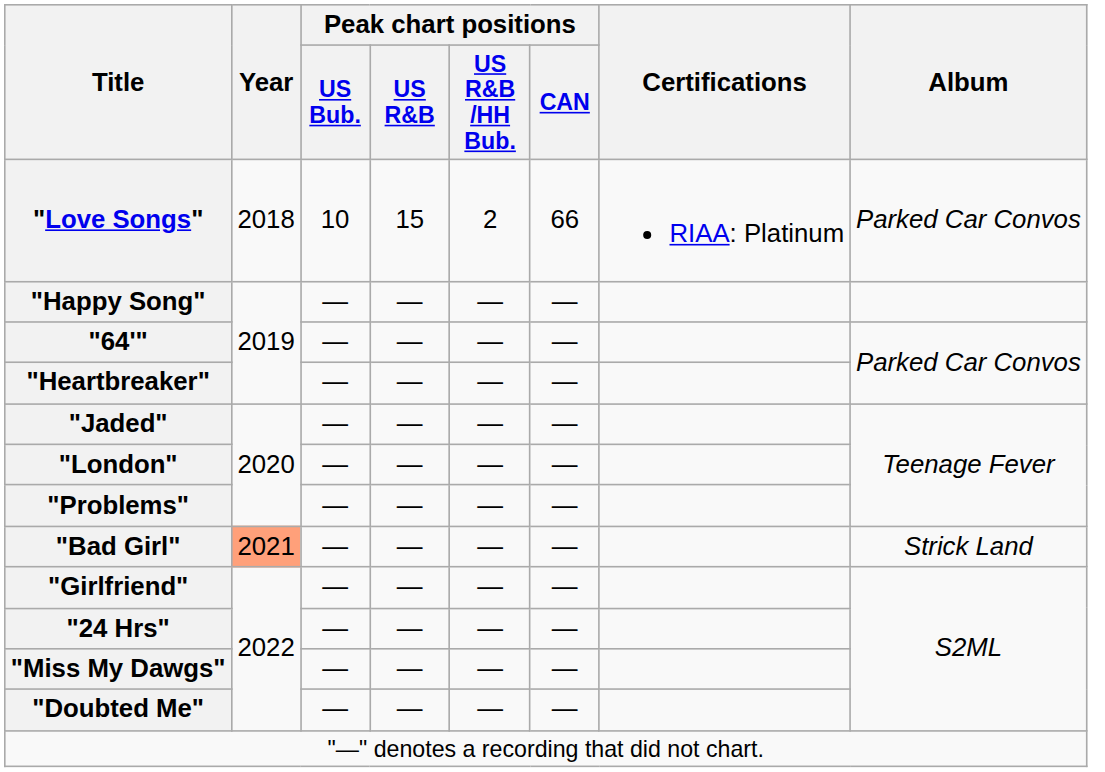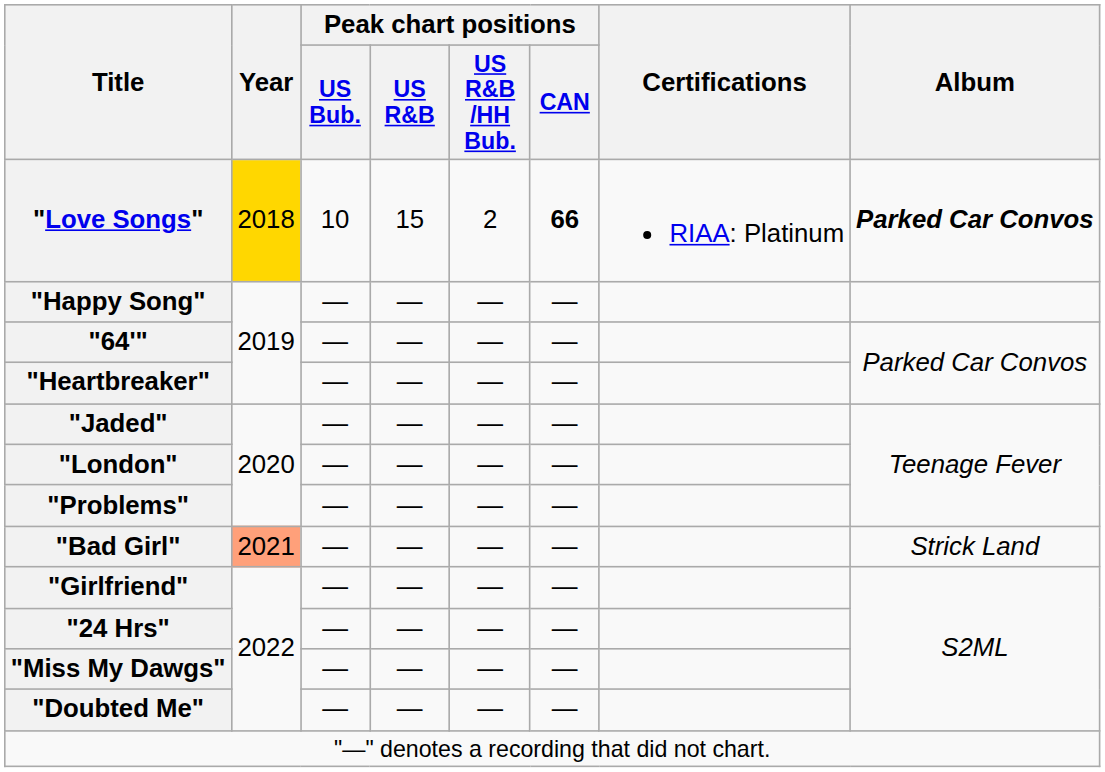 <table class="wikitable plainrowheaders" style="text-align:center;">
 <tr>
 <th scope="col" rowspan="2">Title</th>
 <th scope="col" rowspan="2">Year</th>
 <th scope="col" colspan="4">Peak chart positions</th>
 <th scope="col" rowspan="2">Certifications</th>
 <th scope="col" rowspan="2">Album</th>
 </tr>
 <tr>
 <th scope="col" style="width:2.5em;font-size:90%;"><a href='#'>US<br>Bub.</a><br></th>
 <th scope="col" style="width:3em;font-size:90%;"><a href='#'>US<br>R&B</a><br></th>
 <th scope="col" style="width:3em;font-size:90%;"><a href='#'>US<br>R&B<br>/HH<br>Bub.</a><br></th>
 <th scope="col" style="width:2.5em;font-size:90%;"><a href='#'>CAN</a><br></th>
 </tr>
 <tr>
 <th scope="row">"<a href='#'>Love Songs</a>"<br></th>
-<td>2018</td>
+<td style="background: gold;">2018</td>
 <td>10</td>
 <td>15</td>
 <td>2</td>
-<td>66</td>
+<td><strong>66</strong></td>
 <td><br><ul><li><a href='#'>RIAA</a>: Platinum</li></ul></td>
-<td><em>Parked Car Convos</em></td>
+<td><strong><em>Parked Car Convos</em></strong></td>
 </tr>
 <tr>
 <th scope="row">"Happy Song"</th>
 <td rowspan="3">2019</td>
 <td>—</td>
 <td>—</td>
 <td>—</td>
 <td>—</td>
 <td></td>
 <td></td>
 </tr>
 <tr>
 <th scope="row">"64'"</th>
 <td>—</td>
 <td>—</td>
 <td>—</td>
 <td>—</td>
 <td></td>
 <td rowspan="2"><em>Parked Car Convos</em></td>
 </tr>
 <tr>
 <th scope="row">"Heartbreaker"</th>
 <td>—</td>
 <td>—</td>
 <td>—</td>
 <td>—</td>
 <td></td>
 </tr>
 <tr>
 <th scope="row">"Jaded"</th>
 <td rowspan="3">2020</td>
 <td>—</td>
 <td>—</td>
 <td>—</td>
 <td>—</td>
 <td></td>
 <td rowspan="3"><em>Teenage Fever</em></td>
 </tr>
 <tr>
 <th scope="row">"London"</th>
 <td>—</td>
 <td>—</td>
 <td>—</td>
 <td>—</td>
 <td></td>
 </tr>
 <tr>
 <th scope="row">"Problems"<br></th>
 <td>—</td>
 <td>—</td>
 <td>—</td>
 <td>—</td>
 <td></td>
 </tr>
 <tr>
 <th scope="row">"Bad Girl"<br></th>
 <td style="background: lightsalmon;">2021</td>
 <td>—</td>
 <td>—</td>
 <td>—</td>
 <td>—</td>
 <td></td>
 <td><em>Strick Land</em></td>
 </tr>
 <tr>
 <th scope="row">"Girlfriend"</th>
 <td rowspan="4">2022</td>
 <td>—</td>
 <td>—</td>
 <td>—</td>
 <td>—</td>
 <td></td>
 <td rowspan="4"><em>S2ML</em></td>
 </tr>
 <tr>
 <th scope="row">"24 Hrs"<br></th>
 <td>—</td>
 <td>—</td>
 <td>—</td>
 <td>—</td>
 <td></td>
 </tr>
 <tr>
 <th scope="row">"Miss My Dawgs"<br></th>
 <td>—</td>
 <td>—</td>
 <td>—</td>
 <td>—</td>
 <td></td>
 </tr>
 <tr>
 <th scope="row">"Doubted Me"</th>
 <td>—</td>
 <td>—</td>
 <td>—</td>
 <td>—</td>
 <td></td>
 </tr>
 <tr>
 <td colspan="10" style="font-size:90%">"—" denotes a recording that did not chart.</td>
 </tr>
 </table>
